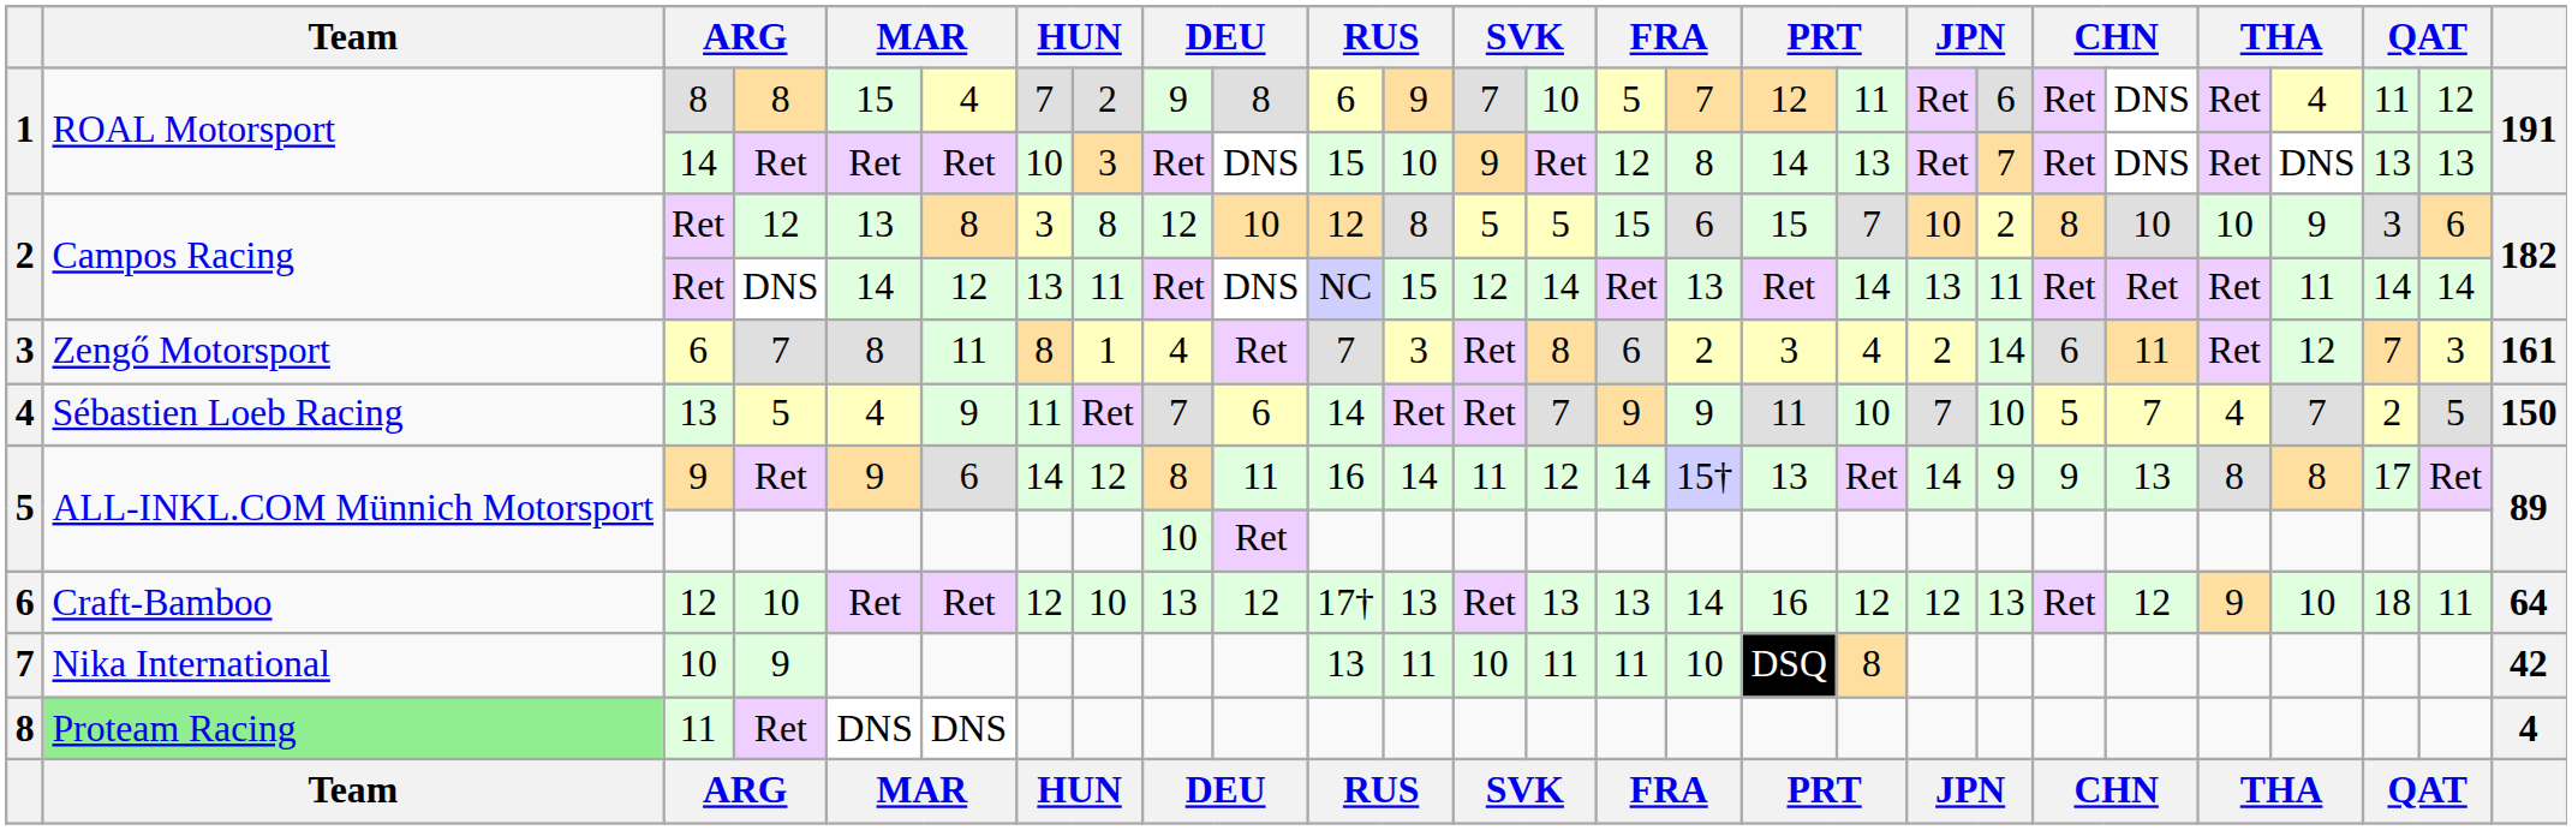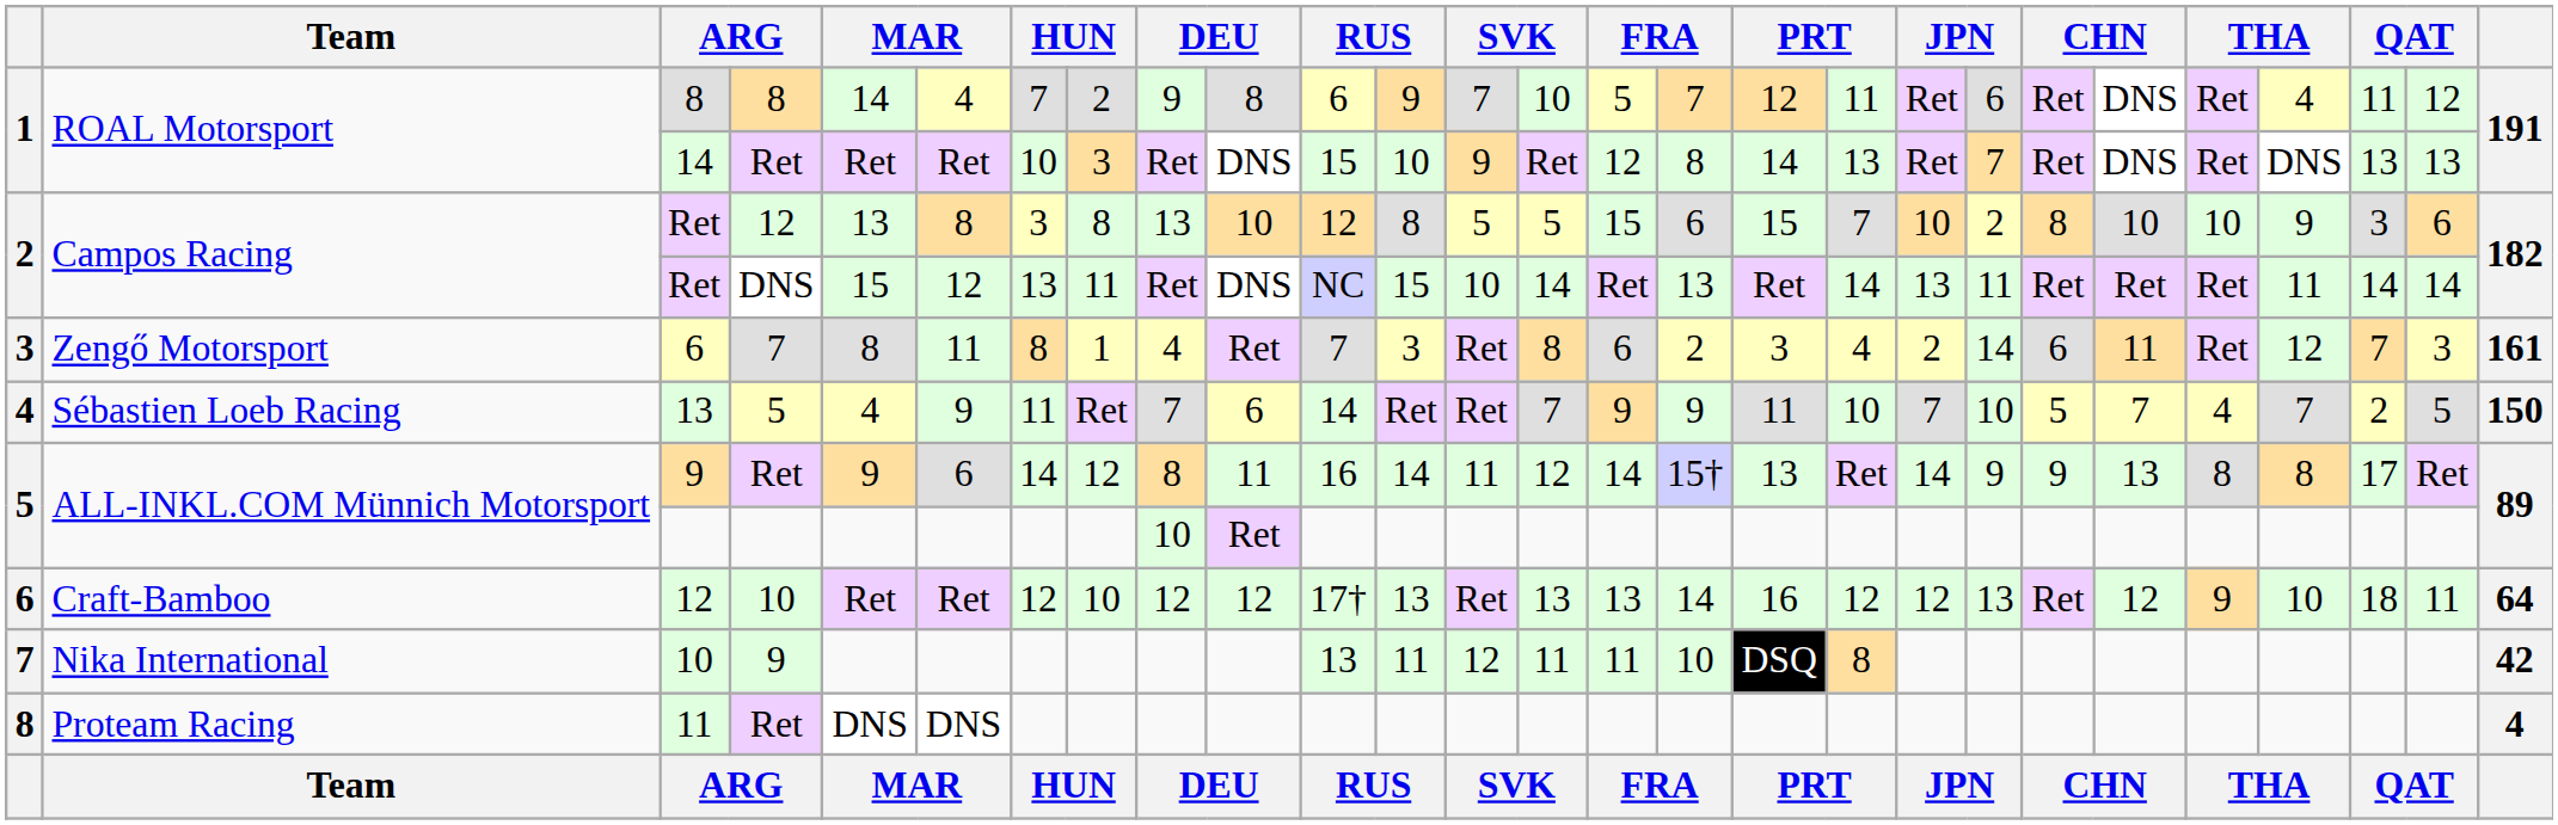 <table align=left| class="wikitable" style="font-size: 85%; text-align: center">
 <tr valign="top">
 <th valign=middle></th>
 <th valign=middle>Team</th>
 <th colspan=2><a href='#'>ARG</a><br></th>
 <th colspan=2><a href='#'>MAR</a><br></th>
 <th colspan=2><a href='#'>HUN</a><br></th>
 <th colspan=2><a href='#'>DEU</a><br></th>
 <th colspan=2><a href='#'>RUS</a><br></th>
 <th colspan=2><a href='#'>SVK</a><br></th>
 <th colspan=2><a href='#'>FRA</a><br></th>
 <th colspan=2><a href='#'>PRT</a><br></th>
 <th colspan=2><a href='#'>JPN</a><br></th>
 <th colspan=2><a href='#'>CHN</a><br></th>
 <th colspan=2><a href='#'>THA</a><br></th>
 <th colspan=2><a href='#'>QAT</a><br></th>
 <th valign=middle>  </th>
 </tr>
 <tr>
 <th rowspan=2>1</th>
 <td align=left rowspan=2> <a href='#'>ROAL Motorsport</a></td>
 <td style="background:#dfdfdf;">8</td>
 <td style="background:#ffdf9f;">8</td>
-<td style="background:#dfffdf;">15</td>
+<td style="background:#dfffdf;">14</td>
 <td style="background:#ffffbf;">4</td>
 <td style="background:#dfdfdf;">7</td>
 <td style="background:#dfdfdf;">2</td>
 <td style="background:#dfffdf;">9</td>
 <td style="background:#dfdfdf;">8</td>
 <td style="background:#ffffbf;">6</td>
 <td style="background:#ffdf9f;">9</td>
 <td style="background:#dfdfdf;">7</td>
 <td style="background:#dfffdf;">10</td>
 <td style="background:#ffffbf;">5</td>
 <td style="background:#ffdf9f;">7</td>
 <td style="background:#ffdf9f;">12</td>
 <td style="background:#dfffdf;">11</td>
 <td style="background:#efcfff;">Ret</td>
 <td style="background:#dfdfdf;">6</td>
 <td style="background:#efcfff;">Ret</td>
 <td style="background:#ffffff;">DNS</td>
 <td style="background:#efcfff;">Ret</td>
 <td style="background:#ffffbf;">4</td>
 <td style="background:#dfffdf;">11</td>
 <td style="background:#dfffdf;">12</td>
 <th rowspan=2>191</th>
 </tr>
 <tr>
 <td style="background:#dfffdf;">14</td>
 <td style="background:#efcfff;">Ret</td>
 <td style="background:#efcfff;">Ret</td>
 <td style="background:#efcfff;">Ret</td>
 <td style="background:#dfffdf;">10</td>
 <td style="background:#ffdf9f;">3</td>
 <td style="background:#efcfff;">Ret</td>
 <td style="background:#ffffff;">DNS</td>
 <td style="background:#dfffdf;">15</td>
 <td style="background:#dfffdf;">10</td>
 <td style="background:#ffdf9f;">9</td>
 <td style="background:#efcfff;">Ret</td>
 <td style="background:#dfffdf;">12</td>
 <td style="background:#dfffdf;">8</td>
 <td style="background:#dfffdf;">14</td>
 <td style="background:#dfffdf;">13</td>
 <td style="background:#efcfff;">Ret</td>
 <td style="background:#ffdf9f;">7</td>
 <td style="background:#efcfff;">Ret</td>
 <td style="background:#ffffff;">DNS</td>
 <td style="background:#efcfff;">Ret</td>
 <td style="background:#ffffff;">DNS</td>
 <td style="background:#dfffdf;">13</td>
 <td style="background:#dfffdf;">13</td>
 </tr>
 <tr>
 <th rowspan=2>2</th>
 <td align=left rowspan=2> <a href='#'>Campos Racing</a></td>
 <td style="background:#efcfff;">Ret</td>
 <td style="background:#dfffdf;">12</td>
 <td style="background:#dfffdf;">13</td>
 <td style="background:#ffdf9f;">8</td>
 <td style="background:#ffffbf;">3</td>
 <td style="background:#dfffdf;">8</td>
-<td style="background:#dfffdf;">12</td>
+<td style="background:#dfffdf;">13</td>
 <td style="background:#ffdf9f;">10</td>
 <td style="background:#ffdf9f;">12</td>
 <td style="background:#dfdfdf;">8</td>
 <td style="background:#ffffbf;">5</td>
 <td style="background:#ffffbf;">5</td>
 <td style="background:#dfffdf;">15</td>
 <td style="background:#dfdfdf;">6</td>
 <td style="background:#dfffdf;">15</td>
 <td style="background:#dfdfdf;">7</td>
 <td style="background:#ffdf9f;">10</td>
 <td style="background:#ffffbf;">2</td>
 <td style="background:#ffdf9f;">8</td>
 <td style="background:#dfdfdf;">10</td>
 <td style="background:#dfffdf;">10</td>
 <td style="background:#dfffdf;">9</td>
 <td style="background:#dfdfdf;">3</td>
 <td style="background:#ffdf9f;">6</td>
 <th rowspan=2>182</th>
 </tr>
 <tr>
 <td style="background:#efcfff;">Ret</td>
 <td style="background:#ffffff;">DNS</td>
-<td style="background:#dfffdf;">14</td>
+<td style="background:#dfffdf;">15</td>
 <td style="background:#dfffdf;">12</td>
 <td style="background:#dfffdf;">13</td>
 <td style="background:#dfffdf;">11</td>
 <td style="background:#efcfff;">Ret</td>
 <td style="background:#ffffff;">DNS</td>
 <td style="background:#cfcfff;">NC</td>
 <td style="background:#dfffdf;">15</td>
-<td style="background:#dfffdf;">12</td>
+<td style="background:#dfffdf;">10</td>
 <td style="background:#dfffdf;">14</td>
 <td style="background:#efcfff;">Ret</td>
 <td style="background:#dfffdf;">13</td>
 <td style="background:#efcfff;">Ret</td>
 <td style="background:#dfffdf;">14</td>
 <td style="background:#dfffdf;">13</td>
 <td style="background:#dfffdf;">11</td>
 <td style="background:#efcfff;">Ret</td>
 <td style="background:#efcfff;">Ret</td>
 <td style="background:#efcfff;">Ret</td>
 <td style="background:#dfffdf;">11</td>
 <td style="background:#dfffdf;">14</td>
 <td style="background:#dfffdf;">14</td>
 </tr>
 <tr>
 <th>3</th>
 <td align="left"> <a href='#'>Zengő Motorsport</a></td>
 <td style="background:#ffffbf;">6</td>
 <td style="background:#dfdfdf;">7</td>
 <td style="background:#dfdfdf;">8</td>
 <td style="background:#dfffdf;">11</td>
 <td style="background:#ffdf9f;">8</td>
 <td style="background:#ffffbf;">1</td>
 <td style="background:#ffffbf;">4</td>
 <td style="background:#efcfff;">Ret</td>
 <td style="background:#dfdfdf;">7</td>
 <td style="background:#ffffbf;">3</td>
 <td style="background:#efcfff;">Ret</td>
 <td style="background:#ffdf9f;">8</td>
 <td style="background:#dfdfdf;">6</td>
 <td style="background:#ffffbf;">2</td>
 <td style="background:#ffffbf;">3</td>
 <td style="background:#ffffbf;">4</td>
 <td style="background:#ffffbf;">2</td>
 <td style="background:#dfffdf;">14</td>
 <td style="background:#dfdfdf;">6</td>
 <td style="background:#ffdf9f;">11</td>
 <td style="background:#efcfff;">Ret</td>
 <td style="background:#dfffdf;">12</td>
 <td style="background:#ffdf9f;">7</td>
 <td style="background:#ffffbf;">3</td>
 <th>161</th>
 </tr>
 <tr>
 <th>4</th>
 <td align=left> <a href='#'>Sébastien Loeb Racing</a></td>
 <td style="background:#dfffdf;">13</td>
 <td style="background:#ffffbf;">5</td>
 <td style="background:#ffffbf;">4</td>
 <td style="background:#dfffdf;">9</td>
 <td style="background:#dfffdf;">11</td>
 <td style="background:#efcfff;">Ret</td>
 <td style="background:#dfdfdf;">7</td>
 <td style="background:#ffffbf;">6</td>
 <td style="background:#dfffdf;">14</td>
 <td style="background:#efcfff;">Ret</td>
 <td style="background:#efcfff;">Ret</td>
 <td style="background:#dfdfdf;">7</td>
 <td style="background:#ffdf9f;">9</td>
 <td style="background:#dfffdf;">9</td>
 <td style="background:#dfdfdf;">11</td>
 <td style="background:#dfffdf;">10</td>
 <td style="background:#dfdfdf;">7</td>
 <td style="background:#dfffdf;">10</td>
 <td style="background:#ffffbf;">5</td>
 <td style="background:#ffffbf;">7</td>
 <td style="background:#ffffbf;">4</td>
 <td style="background:#dfdfdf;">7</td>
 <td style="background:#ffffbf;">2</td>
 <td style="background:#dfdfdf;">5</td>
 <th>150</th>
 </tr>
 <tr>
 <th rowspan=2>5</th>
 <td align=left rowspan=2 nowrap> <a href='#'>ALL-INKL.COM Münnich Motorsport</a></td>
 <td style="background:#ffdf9f;">9</td>
 <td style="background:#efcfff;">Ret</td>
 <td style="background:#ffdf9f;">9</td>
 <td style="background:#dfdfdf;">6</td>
 <td style="background:#dfffdf;">14</td>
 <td style="background:#dfffdf;">12</td>
 <td style="background:#ffdf9f;">8</td>
 <td style="background:#dfffdf;">11</td>
 <td style="background:#dfffdf;">16</td>
 <td style="background:#dfffdf;">14</td>
 <td style="background:#dfffdf;">11</td>
 <td style="background:#dfffdf;">12</td>
 <td style="background:#dfffdf;">14</td>
 <td style="background:#cfcfff;">15†</td>
 <td style="background:#dfffdf;">13</td>
 <td style="background:#efcfff;">Ret</td>
 <td style="background:#dfffdf;">14</td>
 <td style="background:#dfffdf;">9</td>
 <td style="background:#dfffdf;">9</td>
 <td style="background:#dfffdf;">13</td>
 <td style="background:#dfdfdf;">8</td>
 <td style="background:#ffdf9f;">8</td>
 <td style="background:#dfffdf;">17</td>
 <td style="background:#efcfff;">Ret</td>
 <th rowspan=2>89</th>
 </tr>
 <tr>
 <td></td>
 <td></td>
 <td></td>
 <td></td>
 <td></td>
 <td></td>
 <td style="background:#dfffdf;">10</td>
 <td style="background:#efcfff;">Ret</td>
 <td></td>
 <td></td>
 <td></td>
 <td></td>
 <td></td>
 <td></td>
 <td></td>
 <td></td>
 <td></td>
 <td></td>
 <td></td>
 <td></td>
 <td></td>
 <td></td>
 <td></td>
 <td></td>
 </tr>
 <tr>
 <th>6</th>
 <td align="left"> <a href='#'>Craft-Bamboo</a></td>
 <td style="background:#dfffdf;">12</td>
 <td style="background:#dfffdf;">10</td>
 <td style="background:#efcfff;">Ret</td>
 <td style="background:#efcfff;">Ret</td>
 <td style="background:#dfffdf;">12</td>
 <td style="background:#dfffdf;">10</td>
-<td style="background:#dfffdf;">13</td>
+<td style="background:#dfffdf;">12</td>
 <td style="background:#dfffdf;">12</td>
 <td style="background:#dfffdf;">17†</td>
 <td style="background:#dfffdf;">13</td>
 <td style="background:#efcfff;">Ret</td>
 <td style="background:#dfffdf;">13</td>
 <td style="background:#dfffdf;">13</td>
 <td style="background:#dfffdf;">14</td>
 <td style="background:#dfffdf;">16</td>
 <td style="background:#dfffdf;">12</td>
 <td style="background:#dfffdf;">12</td>
 <td style="background:#dfffdf;">13</td>
 <td style="background:#efcfff;">Ret</td>
 <td style="background:#dfffdf;">12</td>
 <td style="background:#ffdf9f;">9</td>
 <td style="background:#dfffdf;">10</td>
 <td style="background:#dfffdf;">18</td>
 <td style="background:#dfffdf;">11</td>
 <th>64</th>
 </tr>
 <tr>
 <th>7</th>
 <td align="left"> <a href='#'>Nika International</a></td>
 <td style="background:#dfffdf;">10</td>
 <td style="background:#dfffdf;">9</td>
 <td></td>
 <td></td>
 <td></td>
 <td></td>
 <td></td>
 <td></td>
 <td style="background:#dfffdf;">13</td>
 <td style="background:#dfffdf;">11</td>
-<td style="background:#dfffdf;">10</td>
+<td style="background:#dfffdf;">12</td>
 <td style="background:#dfffdf;">11</td>
 <td style="background:#dfffdf;">11</td>
 <td style="background:#dfffdf;">10</td>
 <td style="background:#000000; color:#ffffff">DSQ</td>
 <td style="background:#ffdf9f;">8</td>
 <td></td>
 <td></td>
 <td></td>
 <td></td>
 <td></td>
 <td></td>
 <td></td>
 <td></td>
 <th>42</th>
 </tr>
 <tr>
 <th>8</th>
-<td align="left" style="background: lightgreen;"> <a href='#'>Proteam Racing</a></td>
+<td align="left"> <a href='#'>Proteam Racing</a></td>
 <td style="background:#dfffdf;">11</td>
 <td style="background:#efcfff;">Ret</td>
 <td style="background:#ffffff;">DNS</td>
 <td style="background:#ffffff;">DNS</td>
 <td></td>
 <td></td>
 <td></td>
 <td></td>
 <td></td>
 <td></td>
 <td></td>
 <td></td>
 <td></td>
 <td></td>
 <td></td>
 <td></td>
 <td></td>
 <td></td>
 <td></td>
 <td></td>
 <td></td>
 <td></td>
 <td></td>
 <td></td>
 <th>4</th>
 </tr>
 <tr valign="top">
 <th valign=middle></th>
 <th valign=middle>Team</th>
 <th colspan=2><a href='#'>ARG</a><br></th>
 <th colspan=2><a href='#'>MAR</a><br></th>
 <th colspan=2><a href='#'>HUN</a><br></th>
 <th colspan=2><a href='#'>DEU</a><br></th>
 <th colspan=2><a href='#'>RUS</a><br></th>
 <th colspan=2><a href='#'>SVK</a><br></th>
 <th colspan=2><a href='#'>FRA</a><br></th>
 <th colspan=2><a href='#'>PRT</a><br></th>
 <th colspan=2><a href='#'>JPN</a><br></th>
 <th colspan=2><a href='#'>CHN</a><br></th>
 <th colspan=2><a href='#'>THA</a><br></th>
 <th colspan=2><a href='#'>QAT</a><br></th>
 <th valign=middle>  </th>
 </tr>
 </table>
